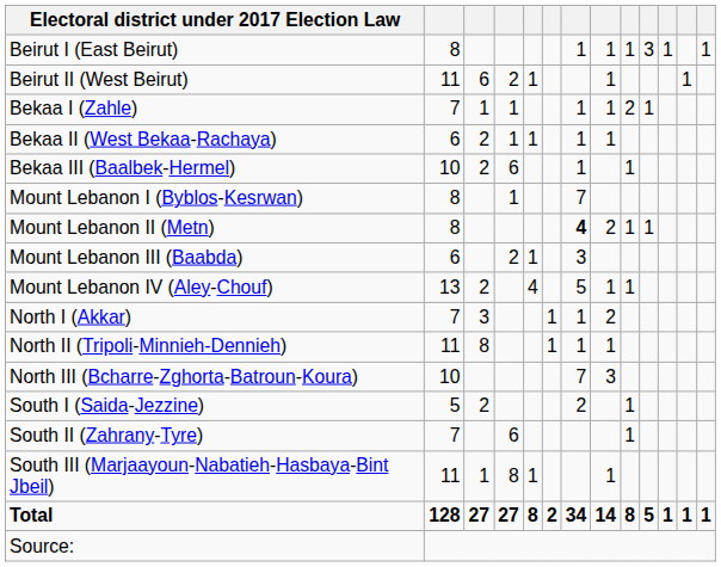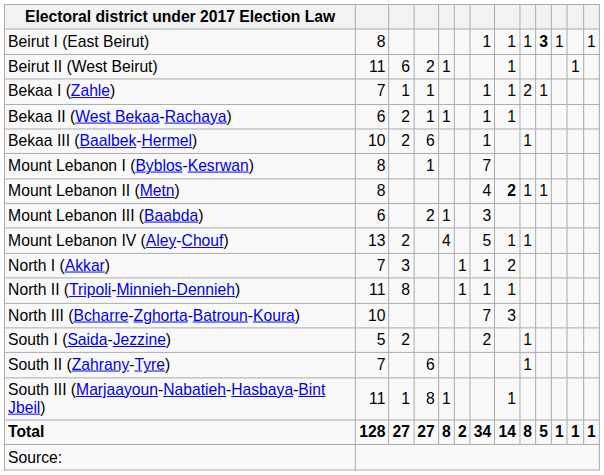 <table class="wikitable sortable" style=text-align:right>
 <tr>
 <th>Electoral district under 2017 Election Law</th>
 <th></th>
 <th></th>
 <th></th>
 <th></th>
 <th></th>
 <th></th>
 <th></th>
 <th></th>
 <th></th>
 <th></th>
 <th></th>
 <th></th>
 </tr>
 <tr>
 <td align=left>Beirut I (East Beirut)</td>
 <td>8</td>
 <td></td>
 <td></td>
 <td></td>
 <td></td>
 <td>1</td>
 <td>1</td>
 <td>1</td>
-<td>3</td>
+<td><strong>3</strong></td>
 <td>1</td>
 <td></td>
 <td>1</td>
 </tr>
 <tr>
 <td align=left>Beirut II (West Beirut)</td>
 <td>11</td>
 <td>6</td>
 <td>2</td>
 <td>1</td>
 <td></td>
 <td></td>
 <td>1</td>
 <td></td>
 <td></td>
 <td></td>
 <td>1</td>
 <td></td>
 </tr>
 <tr>
 <td align=left>Bekaa I (<a href='#'>Zahle</a>)</td>
 <td>7</td>
 <td>1</td>
 <td>1</td>
 <td></td>
 <td></td>
 <td>1</td>
 <td>1</td>
 <td>2</td>
 <td>1</td>
 <td></td>
 <td></td>
 <td></td>
 </tr>
 <tr>
 <td align=left>Bekaa II (<a href='#'>West Bekaa</a>-<a href='#'>Rachaya</a>)</td>
 <td>6</td>
 <td>2</td>
 <td>1</td>
 <td>1</td>
 <td></td>
 <td>1</td>
 <td>1</td>
 <td></td>
 <td></td>
 <td></td>
 <td></td>
 <td></td>
 </tr>
 <tr>
 <td align=left>Bekaa III (<a href='#'>Baalbek</a>-<a href='#'>Hermel</a>)</td>
 <td>10</td>
 <td>2</td>
 <td>6</td>
 <td></td>
 <td></td>
 <td>1</td>
 <td></td>
 <td>1</td>
 <td></td>
 <td></td>
 <td></td>
 <td></td>
 </tr>
 <tr>
 <td align=left>Mount Lebanon I (<a href='#'>Byblos</a>-<a href='#'>Kesrwan</a>)</td>
 <td>8</td>
 <td></td>
 <td>1</td>
 <td></td>
 <td></td>
 <td>7</td>
 <td></td>
 <td></td>
 <td></td>
 <td></td>
 <td></td>
 <td></td>
 </tr>
 <tr>
 <td align=left>Mount Lebanon II (<a href='#'>Metn</a>)</td>
 <td>8</td>
 <td></td>
 <td></td>
 <td></td>
 <td></td>
-<td><strong>4</strong></td>
-<td>2</td>
+<td>4</td>
+<td><strong>2</strong></td>
 <td>1</td>
 <td>1</td>
 <td></td>
 <td></td>
 <td></td>
 </tr>
 <tr>
 <td align=left>Mount Lebanon III (<a href='#'>Baabda</a>)</td>
 <td>6</td>
 <td></td>
 <td>2</td>
 <td>1</td>
 <td></td>
 <td>3</td>
 <td></td>
 <td></td>
 <td></td>
 <td></td>
 <td></td>
 <td></td>
 </tr>
 <tr>
 <td align=left>Mount Lebanon IV (<a href='#'>Aley</a>-<a href='#'>Chouf</a>)</td>
 <td>13</td>
 <td>2</td>
 <td></td>
 <td>4</td>
 <td></td>
 <td>5</td>
 <td>1</td>
 <td>1</td>
 <td></td>
 <td></td>
 <td></td>
 <td></td>
 </tr>
 <tr>
 <td align=left>North I (<a href='#'>Akkar</a>)</td>
 <td>7</td>
 <td>3</td>
 <td></td>
 <td></td>
 <td>1</td>
 <td>1</td>
 <td>2</td>
 <td></td>
 <td></td>
 <td></td>
 <td></td>
 <td></td>
 </tr>
 <tr>
 <td align=left>North II (<a href='#'>Tripoli</a>-<a href='#'>Minnieh-Dennieh</a>)</td>
 <td>11</td>
 <td>8</td>
 <td></td>
 <td></td>
 <td>1</td>
 <td>1</td>
 <td>1</td>
 <td></td>
 <td></td>
 <td></td>
 <td></td>
 <td></td>
 </tr>
 <tr>
 <td align=left>North III (<a href='#'>Bcharre</a>-<a href='#'>Zghorta</a>-<a href='#'>Batroun</a>-<a href='#'>Koura</a>)</td>
 <td>10</td>
 <td></td>
 <td></td>
 <td></td>
 <td></td>
 <td>7</td>
 <td>3</td>
 <td></td>
 <td></td>
 <td></td>
 <td></td>
 <td></td>
 </tr>
 <tr>
 <td align=left>South I (<a href='#'>Saida</a>-<a href='#'>Jezzine</a>)</td>
 <td>5</td>
 <td>2</td>
 <td></td>
 <td></td>
 <td></td>
 <td>2</td>
 <td></td>
 <td>1</td>
 <td></td>
 <td></td>
 <td></td>
 <td></td>
 </tr>
 <tr>
 <td align=left>South II (<a href='#'>Zahrany</a>-<a href='#'>Tyre</a>)</td>
 <td>7</td>
 <td></td>
 <td>6</td>
 <td></td>
 <td></td>
 <td></td>
 <td></td>
 <td>1</td>
 <td></td>
 <td></td>
 <td></td>
 <td></td>
 </tr>
 <tr>
 <td align=left>South III (<a href='#'>Marjaayoun</a>-<a href='#'>Nabatieh</a>-<a href='#'>Hasbaya</a>-<a href='#'>Bint Jbeil</a>)</td>
 <td>11</td>
 <td>1</td>
 <td>8</td>
 <td>1</td>
 <td></td>
 <td></td>
 <td>1</td>
 <td></td>
 <td></td>
 <td></td>
 <td></td>
 <td></td>
 </tr>
 <tr>
 <td align=left><strong>Total</strong></td>
 <td><strong>128</strong></td>
 <td><strong>27</strong></td>
 <td><strong>27</strong></td>
 <td><strong>8</strong></td>
 <td><strong>2</strong></td>
 <td><strong>34</strong></td>
 <td><strong>14</strong></td>
 <td><strong>8</strong></td>
 <td><strong>5</strong></td>
 <td><strong>1</strong></td>
 <td><strong>1</strong></td>
 <td><strong>1</strong></td>
 </tr>
 <tr>
 <td style="text-align:left;">Source: </td>
 </tr>
 </table>
